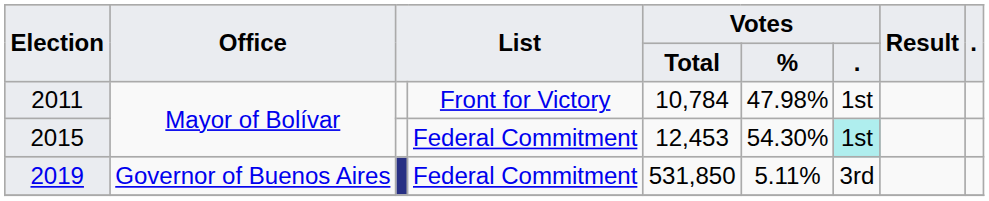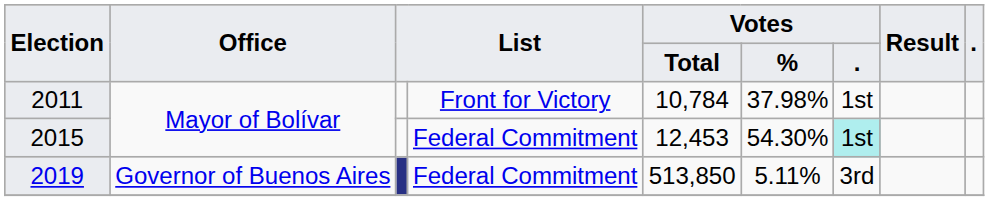 <table class="wikitable" style="font-size:90%; text-align:center;">
 <tr>
 <th style="background-color:#EAECF0;" rowspan=2>Election</th>
 <th style="background-color:#EAECF0;" rowspan=2>Office</th>
 <th style="background-color:#EAECF0;" colspan=2 rowspan=2>List</th>
 <th style="background-color:#EAECF0;" colspan=3>Votes</th>
 <th style="background-color:#EAECF0;" rowspan=2>Result</th>
 <th style="background-color:#EAECF0;" rowspan=2>.</th>
 </tr>
 <tr>
 <th style="background-color:#EAECF0;">Total</th>
 <th style="background-color:#EAECF0;">%</th>
 <th style="background-color:#EAECF0;">.</th>
 </tr>
 <tr>
 <td style="background-color:#EAECF0;">2011</td>
 <td rowspan="2"><a href='#'>Mayor of Bolívar</a></td>
 <td style="background-color:"></td>
 <td><a href='#'>Front for Victory</a></td>
 <td>10,784</td>
-<td>47.98%</td>
+<td>37.98%</td>
 <td>1st</td>
 <td></td>
 <td></td>
 </tr>
 <tr>
 <td style="background-color:#EAECF0;">2015</td>
 <td style="background-color:"></td>
 <td><a href='#'>Federal Commitment</a></td>
 <td>12,453</td>
 <td>54.30%</td>
 <td style="background: paleturquoise;">1st</td>
 <td></td>
 <td></td>
 </tr>
 <tr>
 <td style="background-color:#EAECF0;"><a href='#'>2019</a></td>
 <td><a href='#'>Governor of Buenos Aires</a></td>
 <td style="background-color:#283084;"></td>
 <td><a href='#'>Federal Commitment</a></td>
-<td>531,850</td>
+<td>513,850</td>
 <td>5.11%</td>
 <td>3rd</td>
 <td></td>
 <td></td>
 </tr>
 <tr>
 </tr>
 </table>
